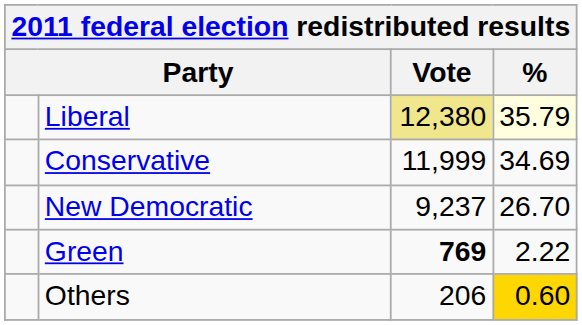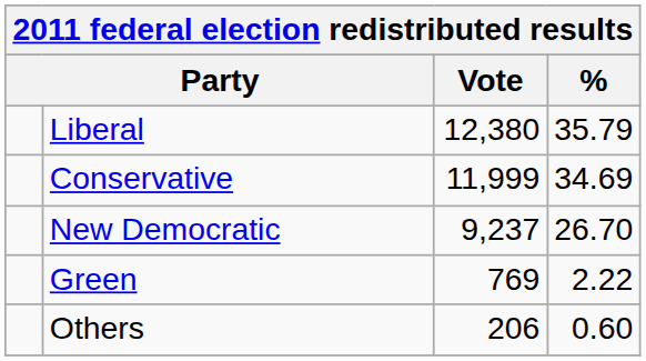 <table class="wikitable">
 <tr>
 <th colspan="4"><a href='#'>2011 federal election</a> redistributed results</th>
 </tr>
 <tr>
 <th bgcolor="#DDDDFF" width="130px" colspan="2">Party</th>
 <th bgcolor="#DDDDFF" width="50px">Vote</th>
 <th bgcolor="#DDDDFF" width="30px">%</th>
 </tr>
 <tr>
 <td> </td>
 <td><a href='#'>Liberal</a></td>
-<td align=right style="background: khaki;">12,380</td>
-<td align=right style="background: lightyellow;">35.79</td>
+<td align=right>12,380</td>
+<td align=right>35.79</td>
 </tr>
 <tr>
 <td> </td>
 <td><a href='#'>Conservative</a></td>
 <td align=right>11,999</td>
 <td align=right>34.69</td>
 </tr>
 <tr>
 <td> </td>
 <td><a href='#'>New Democratic</a></td>
 <td align=right>9,237</td>
 <td align=right>26.70</td>
 </tr>
 <tr>
 <td> </td>
 <td><a href='#'>Green</a></td>
-<td align=right><strong>769</strong></td>
+<td align=right>769</td>
 <td align=right>2.22</td>
 </tr>
 <tr>
 <td> </td>
 <td>Others</td>
 <td align=right>206</td>
-<td align=right style="background: gold;">0.60</td>
+<td align=right>0.60</td>
 </tr>
 </table>
